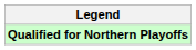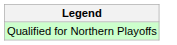 <table class="wikitable">
 <tr>
 <th>Legend</th>
 </tr>
 <tr bgcolor=ccffcc>
-<td><strong>Qualified for Northern Playoffs</strong></td>
+<td>Qualified for Northern Playoffs</td>
 </tr>
 </table>
